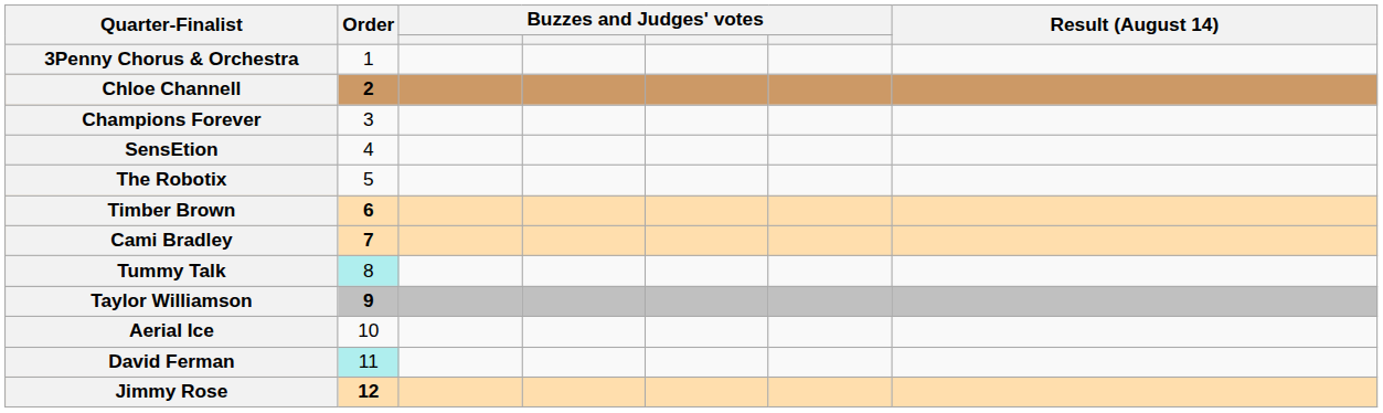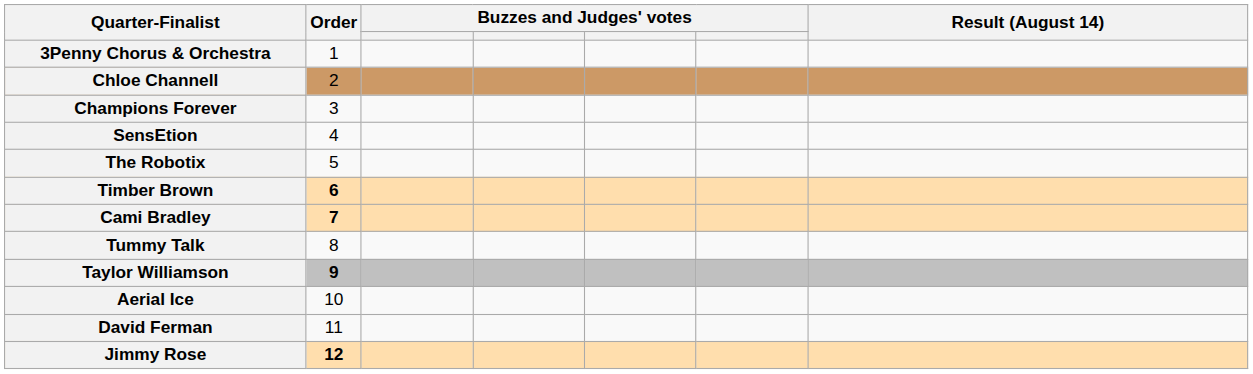 <table class="wikitable plainrowheaders sortable" style="text-align:center;">
 <tr>
 <th scope="col" rowspan="2" class="unsortable" style="width:17em;">Quarter-Finalist</th>
 <th scope="col" rowspan="2" style="width:1em;">Order</th>
 <th scope="col" colspan="4" class="unsortable" style="width:24em;">Buzzes and Judges' votes</th>
 <th scope="col" rowspan="2" style="width:25em;">Result (August 14)</th>
 </tr>
 <tr>
 <th scope="col" class="unsortable" style="width:6em;"></th>
 <th scope="col" class="unsortable" style="width:6em;"></th>
 <th scope="col" class="unsortable" style="width:6em;"></th>
 <th scope="col" class="unsortable" style="width:6em;"></th>
 </tr>
 <tr>
 <th scope="row">3Penny Chorus & Orchestra</th>
 <td>1</td>
 <td style="text-align:center;"></td>
 <td style="text-align:center;"></td>
 <td style="text-align:center;"></td>
 <td style="text-align:center;"></td>
 <td></td>
 </tr>
 <tr style="background:#c96">
 <th scope="row">Chloe Channell</th>
-<td><strong>2</strong></td>
+<td>2</td>
 <td style="text-align:center;"></td>
 <td style="text-align:center;"></td>
 <td style="text-align:center;"></td>
 <td style="text-align:center;"></td>
 <td></td>
 </tr>
 <tr>
 <th scope="row">Champions Forever</th>
 <td>3</td>
 <td style="text-align:center;"></td>
 <td style="text-align:center;"></td>
 <td style="text-align:center;"></td>
 <td style="text-align:center;"></td>
 <td></td>
 </tr>
 <tr>
 <th scope="row">SensEtion</th>
 <td>4</td>
 <td style="text-align:center;"></td>
 <td style="text-align:center;"></td>
 <td style="text-align:center;"></td>
 <td style="text-align:center;"></td>
 <td></td>
 </tr>
 <tr>
 <th scope="row">The Robotix</th>
 <td>5</td>
 <td style="text-align:center;"></td>
 <td style="text-align:center;"></td>
 <td style="text-align:center;"></td>
 <td style="text-align:center;"></td>
 <td></td>
 </tr>
 <tr style="background:NavajoWhite">
 <th scope="row"><strong>Timber Brown</strong></th>
 <td><strong>6</strong></td>
 <td style="text-align:center;"></td>
 <td style="text-align:center;"></td>
 <td style="text-align:center;"></td>
 <td style="text-align:center;"></td>
 <td><strong></strong></td>
 </tr>
 <tr style="background:NavajoWhite">
 <th scope="row"><strong>Cami Bradley</strong></th>
 <td><strong>7</strong></td>
 <td style="text-align:center;"></td>
 <td style="text-align:center;"></td>
 <td style="text-align:center;"></td>
 <td style="text-align:center;"></td>
 <td><strong></strong></td>
 </tr>
 <tr>
 <th scope="row">Tummy Talk</th>
-<td style="background: paleturquoise;">8</td>
+<td>8</td>
 <td style="text-align:center;"></td>
 <td style="text-align:center;"></td>
 <td style="text-align:center;"></td>
 <td style="text-align:center;"></td>
 <td></td>
 </tr>
 <tr style="background:silver">
 <th scope="row"><strong>Taylor Williamson</strong></th>
 <td><strong>9</strong></td>
 <td style="text-align:center;"></td>
 <td style="text-align:center;"></td>
 <td style="text-align:center;"></td>
 <td style="text-align:center;"></td>
 <td><strong></strong></td>
 </tr>
 <tr>
 <th scope="row">Aerial Ice</th>
 <td>10</td>
 <td style="text-align:center;"></td>
 <td style="text-align:center;"></td>
 <td style="text-align:center;"></td>
 <td style="text-align:center;"></td>
 <td></td>
 </tr>
 <tr>
 <th scope="row">David Ferman</th>
-<td style="background: paleturquoise;">11</td>
+<td>11</td>
 <td style="text-align:center;"></td>
 <td style="text-align:center;"></td>
 <td style="text-align:center;"></td>
 <td style="text-align:center;"></td>
 <td></td>
 </tr>
 <tr style="background:NavajoWhite">
 <th scope="row"><strong>Jimmy Rose</strong></th>
 <td><strong>12</strong></td>
 <td style="text-align:center;"></td>
 <td style="text-align:center;"></td>
 <td style="text-align:center;"></td>
 <td style="text-align:center;"></td>
 <td><strong></strong></td>
 </tr>
 </table>
